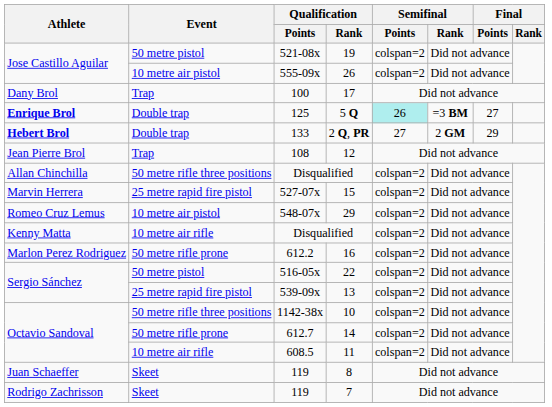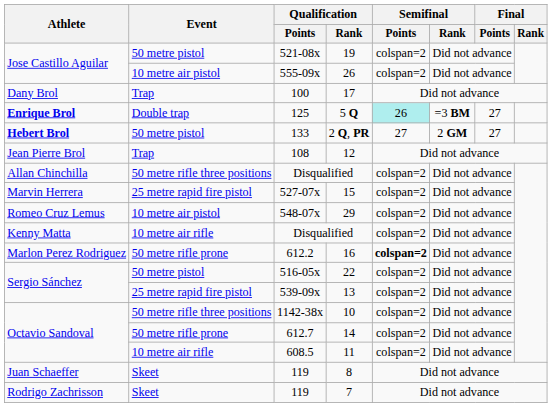 <table class="wikitable" style="font-size:90%">
 <tr>
 <th rowspan="2">Athlete</th>
 <th rowspan="2">Event</th>
 <th colspan=2>Qualification</th>
 <th colspan=2>Semifinal</th>
 <th colspan=2>Final</th>
 </tr>
 <tr style="font-size:95%">
 <th>Points</th>
 <th>Rank</th>
 <th>Points</th>
 <th>Rank</th>
 <th>Points</th>
 <th>Rank</th>
 </tr>
 <tr align=center>
 <td align=left rowspan=2><a href='#'>Jose Castillo Aguilar</a></td>
 <td align=left><a href='#'>50 metre pistol</a></td>
 <td>521-08x</td>
 <td>19</td>
 <td>colspan=2 </td>
 <td colspan=2>Did not advance</td>
 </tr>
 <tr align=center>
 <td align=left><a href='#'>10 metre air pistol</a></td>
 <td>555-09x</td>
 <td>26</td>
 <td>colspan=2 </td>
 <td colspan=2>Did not advance</td>
 </tr>
 <tr align=center>
 <td align=left><a href='#'>Dany Brol</a></td>
 <td align=left><a href='#'>Trap</a></td>
 <td>100</td>
 <td>17</td>
 <td colspan=4>Did not advance</td>
 </tr>
 <tr align=center>
 <td align=left><strong><a href='#'>Enrique Brol</a></strong></td>
 <td align=left><a href='#'>Double trap</a></td>
 <td>125</td>
 <td>5 <strong>Q</strong></td>
 <td style="background: paleturquoise;">26</td>
 <td>=3 <strong>BM</strong></td>
 <td>27</td>
 <td></td>
 </tr>
 <tr align=center>
 <td align=left><strong><a href='#'>Hebert Brol</a></strong></td>
-<td align=left><a href='#'>Double trap</a></td>
+<td align=left><a href='#'>50 metre pistol</a></td>
 <td>133</td>
 <td>2 <strong>Q</strong>, <strong>PR</strong></td>
 <td>27</td>
 <td>2 <strong>GM</strong></td>
-<td>29</td>
+<td>27</td>
 <td></td>
 </tr>
 <tr align=center>
 <td align=left><a href='#'>Jean Pierre Brol</a></td>
 <td align=left><a href='#'>Trap</a></td>
 <td>108</td>
 <td>12</td>
 <td colspan=4>Did not advance</td>
 </tr>
 <tr align=center>
 <td align=left><a href='#'>Allan Chinchilla</a></td>
 <td align=left><a href='#'>50 metre rifle three positions</a></td>
 <td colspan=2>Disqualified</td>
 <td>colspan=2 </td>
 <td colspan=2>Did not advance</td>
 </tr>
 <tr align=center>
 <td align=left><a href='#'>Marvin Herrera</a></td>
 <td align=left><a href='#'>25 metre rapid fire pistol</a></td>
 <td>527-07x</td>
 <td>15</td>
 <td>colspan=2 </td>
 <td colspan=2>Did not advance</td>
 </tr>
 <tr align=center>
 <td align=left><a href='#'>Romeo Cruz Lemus</a></td>
 <td align=left><a href='#'>10 metre air pistol</a></td>
 <td>548-07x</td>
 <td>29</td>
 <td>colspan=2 </td>
 <td colspan=2>Did not advance</td>
 </tr>
 <tr align=center>
 <td align=left><a href='#'>Kenny Matta</a></td>
 <td align=left><a href='#'>10 metre air rifle</a></td>
 <td colspan=2>Disqualified</td>
 <td>colspan=2 </td>
 <td colspan=2>Did not advance</td>
 </tr>
 <tr align=center>
 <td align=left><a href='#'>Marlon Perez Rodriguez</a></td>
 <td align=left><a href='#'>50 metre rifle prone</a></td>
 <td>612.2</td>
 <td>16</td>
-<td>colspan=2 </td>
+<td><strong>colspan=2 </strong></td>
 <td colspan=2>Did not advance</td>
 </tr>
 <tr align=center>
 <td align=left rowspan=2><a href='#'>Sergio Sánchez</a></td>
 <td align=left><a href='#'>50 metre pistol</a></td>
 <td>516-05x</td>
 <td>22</td>
 <td>colspan=2 </td>
 <td colspan=2>Did not advance</td>
 </tr>
 <tr align=center>
 <td align=left><a href='#'>25 metre rapid fire pistol</a></td>
 <td>539-09x</td>
 <td>13</td>
 <td>colspan=2 </td>
 <td colspan=2>Did not advance</td>
 </tr>
 <tr align=center>
 <td align=left rowspan=3><a href='#'>Octavio Sandoval</a></td>
 <td align=left><a href='#'>50 metre rifle three positions</a></td>
 <td>1142-38x</td>
 <td>10</td>
 <td>colspan=2 </td>
 <td colspan=2>Did not advance</td>
 </tr>
 <tr align=center>
 <td align=left><a href='#'>50 metre rifle prone</a></td>
 <td>612.7</td>
 <td>14</td>
 <td>colspan=2 </td>
 <td colspan=2>Did not advance</td>
 </tr>
 <tr align=center>
 <td align=left><a href='#'>10 metre air rifle</a></td>
 <td>608.5</td>
 <td>11</td>
 <td>colspan=2 </td>
 <td colspan=2>Did not advance</td>
 </tr>
 <tr align=center>
 <td align=left><a href='#'>Juan Schaeffer</a></td>
 <td align=left><a href='#'>Skeet</a></td>
 <td>119</td>
 <td>8</td>
 <td colspan=4>Did not advance</td>
 </tr>
 <tr align=center>
 <td align=left><a href='#'>Rodrigo Zachrisson</a></td>
 <td align=left><a href='#'>Skeet</a></td>
 <td>119</td>
 <td>7</td>
 <td colspan=4>Did not advance</td>
 </tr>
 </table>
